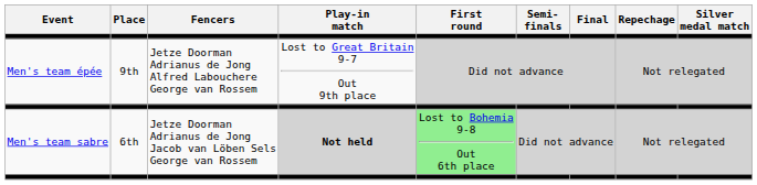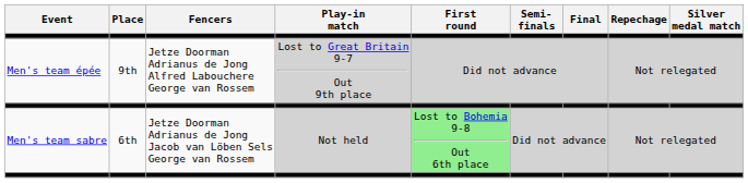 <table class=wikitable>
 <tr>
 <th>Event</th>
 <th>Place</th>
 <th>Fencers</th>
 <th>Play-in <br> match</th>
 <th>First <br> round</th>
 <th>Semi-<br>finals</th>
 <th>Final</th>
 <th>Repechage</th>
 <th>Silver <br> medal match</th>
 </tr>
 <tr bgcolor=black>
 <td></td>
 <td></td>
 <td></td>
 <td></td>
 <td></td>
 <td></td>
 <td></td>
 <td></td>
 <td></td>
 </tr>
 <tr align=center>
 <td align=left><a href='#'>Men's team épée</a></td>
 <td>9th</td>
 <td align=left>Jetze Doorman <br> Adrianus de Jong <br> Alfred Labouchere <br> George van Rossem</td>
-<td>Lost to <a href='#'>Great Britain</a> <br> 9-7 <hr> Out <br> 9th place</td>
+<td style="background: lightgrey;">Lost to <a href='#'>Great Britain</a> <br> 9-7 <hr> Out <br> 9th place</td>
 <td colspan=3 bgcolor=lightgray>Did not advance</td>
 <td colspan=2 bgcolor=lightgray>Not relegated</td>
 </tr>
 <tr bgcolor=black>
 <td></td>
 <td></td>
 <td></td>
 <td></td>
 <td></td>
 <td></td>
 <td></td>
 <td></td>
 <td></td>
 </tr>
 <tr align=center>
 <td align=left><a href='#'>Men's team sabre</a></td>
 <td>6th</td>
 <td align=left>Jetze Doorman <br> Adrianus de Jong <br> Jacob van Löben Sels <br> George van Rossem</td>
-<td bgcolor=lightgray><strong>Not held</strong></td>
+<td bgcolor=lightgray>Not held</td>
 <td style="background: lightgreen;">Lost to <a href='#'>Bohemia</a> <br> 9-8 <hr> Out <br> 6th place</td>
 <td colspan=2 bgcolor=lightgray>Did not advance</td>
 <td colspan=2 bgcolor=lightgray>Not relegated</td>
 </tr>
 <tr bgcolor=black>
 <td></td>
 <td></td>
 <td></td>
 <td></td>
 <td></td>
 <td></td>
 <td></td>
 <td></td>
 <td></td>
 </tr>
 </table>
